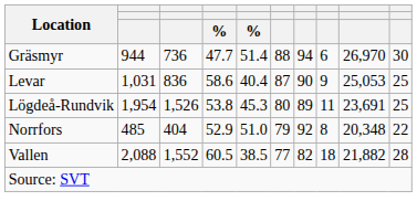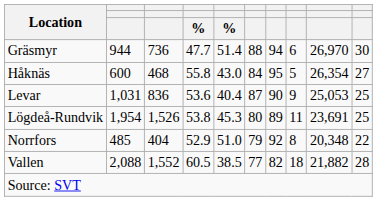 <table role="presentation" class="wikitable sortable mw-collapsible">
 <tr>
 <th rowspan="3">Location</th>
 <th></th>
 <th></th>
 <th></th>
 <th></th>
 <th></th>
 <th></th>
 <th></th>
 <th></th>
 <th></th>
 </tr>
 <tr>
 <th></th>
 <th></th>
 <th style="background:"></th>
 <th style="background:"></th>
 <th></th>
 <th></th>
 <th></th>
 <th></th>
 <th></th>
 </tr>
 <tr>
 <th data-sort-type="number"></th>
 <th data-sort-type="number"></th>
 <th data-sort-type="number">%</th>
 <th data-sort-type="number">%</th>
 <th data-sort-type="number"></th>
 <th data-sort-type="number"></th>
 <th data-sort-type="number"></th>
 <th data-sort-type="number"></th>
 <th data-sort-type="number"></th>
 </tr>
 <tr>
 <td align="left">Gräsmyr</td>
 <td>944</td>
 <td>736</td>
 <td>47.7</td>
 <td>51.4</td>
 <td>88</td>
 <td>94</td>
 <td>6</td>
 <td>26,970</td>
 <td>30</td>
 </tr>
 <tr>
+<td align="left">Håknäs</td>
+<td>600</td>
+<td>468</td>
+<td>55.8</td>
+<td>43.0</td>
+<td>84</td>
+<td>95</td>
+<td>5</td>
+<td>26,354</td>
+<td>27</td>
+</tr>
+<tr>
 <td align="left">Levar</td>
 <td>1,031</td>
 <td>836</td>
-<td>58.6</td>
+<td>53.6</td>
 <td>40.4</td>
 <td>87</td>
 <td>90</td>
 <td>9</td>
 <td>25,053</td>
 <td>25</td>
 </tr>
 <tr>
 <td align="left">Lögdeå-Rundvik</td>
 <td>1,954</td>
 <td>1,526</td>
 <td>53.8</td>
 <td>45.3</td>
 <td>80</td>
 <td>89</td>
 <td>11</td>
 <td>23,691</td>
 <td>25</td>
 </tr>
 <tr>
 <td align="left">Norrfors</td>
 <td>485</td>
 <td>404</td>
 <td>52.9</td>
 <td>51.0</td>
 <td>79</td>
 <td>92</td>
 <td>8</td>
 <td>20,348</td>
 <td>22</td>
 </tr>
 <tr>
 <td align="left">Vallen</td>
 <td>2,088</td>
 <td>1,552</td>
 <td>60.5</td>
 <td>38.5</td>
 <td>77</td>
 <td>82</td>
 <td>18</td>
 <td>21,882</td>
 <td>28</td>
 </tr>
 <tr>
 <td colspan="10" align="left">Source: <a href='#'>SVT</a></td>
 </tr>
 </table>
